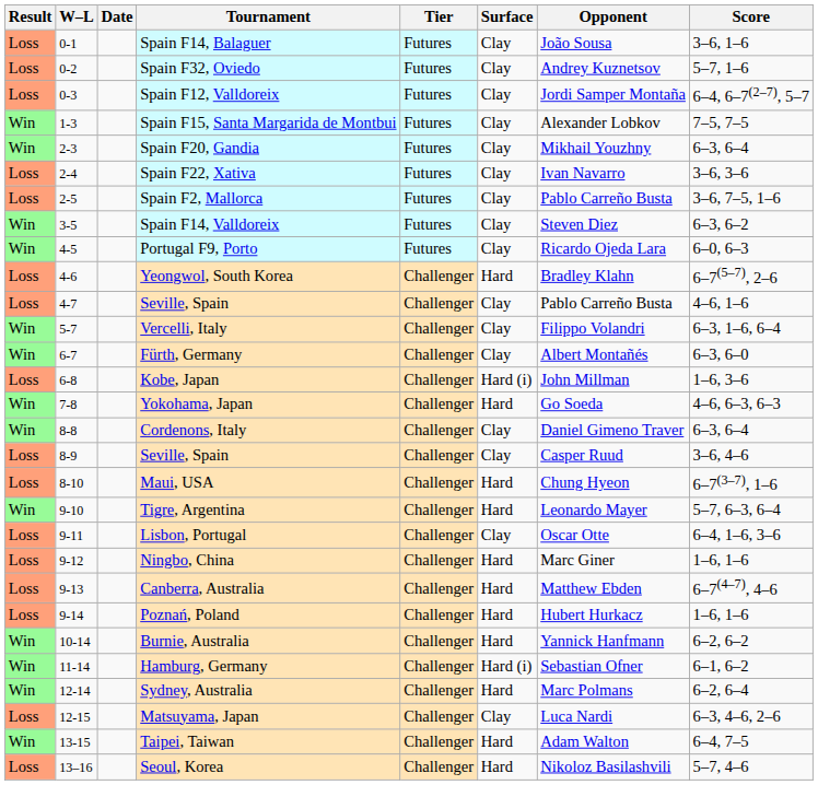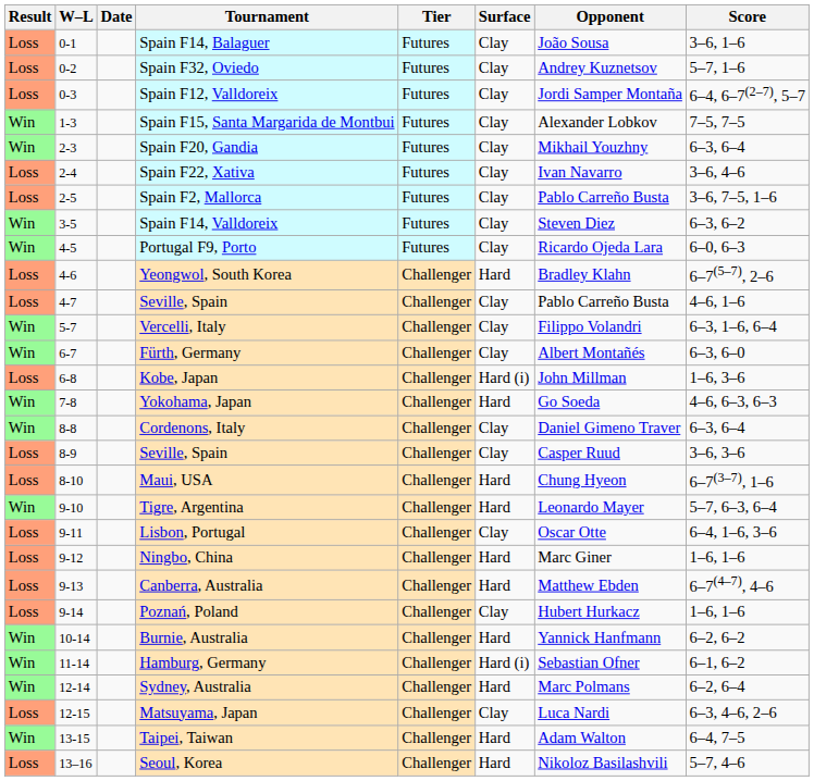 <table class="sortable wikitable">
 <tr>
 <th>Result</th>
 <th class="unsortable">W–L</th>
 <th>Date</th>
 <th>Tournament</th>
 <th>Tier</th>
 <th>Surface</th>
 <th>Opponent</th>
 <th class="unsortable">Score</th>
 </tr>
 <tr>
 <td bgcolor=FFA07A>Loss</td>
 <td><small>0-1</small></td>
 <td></td>
 <td style="background:#cffcff;">Spain F14, <a href='#'>Balaguer</a></td>
 <td style="background:#cffcff;">Futures</td>
 <td>Clay</td>
 <td> <a href='#'>João Sousa</a></td>
 <td>3–6, 1–6</td>
 </tr>
 <tr>
 <td bgcolor=FFA07A>Loss</td>
 <td><small>0-2</small></td>
 <td></td>
 <td style="background:#cffcff;">Spain F32, <a href='#'>Oviedo</a></td>
 <td style="background:#cffcff;">Futures</td>
 <td>Clay</td>
 <td> <a href='#'>Andrey Kuznetsov</a></td>
 <td>5–7, 1–6</td>
 </tr>
 <tr>
 <td bgcolor=FFA07A>Loss</td>
 <td><small>0-3</small></td>
 <td></td>
 <td style="background:#cffcff;">Spain F12, <a href='#'>Valldoreix</a></td>
 <td style="background:#cffcff;">Futures</td>
 <td>Clay</td>
 <td> <a href='#'>Jordi Samper Montaña</a></td>
 <td>6–4, 6–7<sup>(2–7)</sup>, 5–7</td>
 </tr>
 <tr>
 <td bgcolor=98FB98>Win</td>
 <td><small>1-3</small></td>
 <td></td>
 <td style="background:#cffcff;">Spain F15, <a href='#'>Santa Margarida de Montbui</a></td>
 <td style="background:#cffcff;">Futures</td>
 <td>Clay</td>
 <td> Alexander Lobkov</td>
 <td>7–5, 7–5</td>
 </tr>
 <tr>
 <td bgcolor=98FB98>Win</td>
 <td><small>2-3</small></td>
 <td></td>
 <td style="background:#cffcff;">Spain F20, <a href='#'>Gandia</a></td>
 <td style="background:#cffcff;">Futures</td>
 <td>Clay</td>
 <td> <a href='#'>Mikhail Youzhny</a></td>
 <td>6–3, 6–4</td>
 </tr>
 <tr>
 <td bgcolor=FFA07A>Loss</td>
 <td><small>2-4</small></td>
 <td></td>
 <td style="background:#cffcff;">Spain F22, <a href='#'>Xativa</a></td>
 <td style="background:#cffcff;">Futures</td>
 <td>Clay</td>
 <td> <a href='#'>Ivan Navarro</a></td>
-<td>3–6, 3–6</td>
+<td>3–6, 4–6</td>
 </tr>
 <tr>
 <td bgcolor=FFA07A>Loss</td>
 <td><small>2-5</small></td>
 <td></td>
 <td style="background:#cffcff;">Spain F2, <a href='#'>Mallorca</a></td>
 <td style="background:#cffcff;">Futures</td>
 <td>Clay</td>
 <td> <a href='#'>Pablo Carreño Busta</a></td>
 <td>3–6, 7–5, 1–6</td>
 </tr>
 <tr>
 <td bgcolor=98FB98>Win</td>
 <td><small>3-5</small></td>
 <td></td>
 <td style="background:#cffcff;">Spain F14, <a href='#'>Valldoreix</a></td>
 <td style="background:#cffcff;">Futures</td>
 <td>Clay</td>
 <td> <a href='#'>Steven Diez</a></td>
 <td>6–3, 6–2</td>
 </tr>
 <tr>
 <td bgcolor=98FB98>Win</td>
 <td><small>4-5</small></td>
 <td></td>
 <td style="background:#cffcff;">Portugal F9, <a href='#'>Porto</a></td>
 <td style="background:#cffcff;">Futures</td>
 <td>Clay</td>
 <td> <a href='#'>Ricardo Ojeda Lara</a></td>
 <td>6–0, 6–3</td>
 </tr>
 <tr>
 <td bgcolor=FFA07A>Loss</td>
 <td><small>4-6</small></td>
 <td><a href='#'></a></td>
 <td style="background:moccasin;"><a href='#'>Yeongwol</a>, South Korea</td>
 <td style="background:moccasin;">Challenger</td>
 <td>Hard</td>
 <td> <a href='#'>Bradley Klahn</a></td>
 <td>6–7<sup>(5–7)</sup>, 2–6</td>
 </tr>
 <tr>
 <td bgcolor=FFA07A>Loss</td>
 <td><small>4-7</small></td>
 <td><a href='#'></a></td>
 <td style="background:moccasin;"><a href='#'>Seville</a>, Spain</td>
 <td style="background:moccasin;">Challenger</td>
 <td>Clay</td>
 <td> Pablo Carreño Busta</td>
 <td>4–6, 1–6</td>
 </tr>
 <tr>
 <td bgcolor=98FB98>Win</td>
 <td><small>5-7</small></td>
 <td><a href='#'></a></td>
 <td style="background:moccasin;"><a href='#'>Vercelli</a>, Italy</td>
 <td style="background:moccasin;">Challenger</td>
 <td>Clay</td>
 <td> <a href='#'>Filippo Volandri</a></td>
 <td>6–3, 1–6, 6–4</td>
 </tr>
 <tr>
 <td bgcolor=98FB98>Win</td>
 <td><small>6-7</small></td>
 <td><a href='#'></a></td>
 <td style="background:moccasin;"><a href='#'>Fürth</a>, Germany</td>
 <td style="background:moccasin;">Challenger</td>
 <td>Clay</td>
 <td> <a href='#'>Albert Montañés</a></td>
 <td>6–3, 6–0</td>
 </tr>
 <tr>
 <td bgcolor=FFA07A>Loss</td>
 <td><small>6-8</small></td>
 <td><a href='#'></a></td>
 <td style="background:moccasin;"><a href='#'>Kobe</a>, Japan</td>
 <td style="background:moccasin;">Challenger</td>
 <td>Hard (i)</td>
 <td> <a href='#'>John Millman</a></td>
 <td>1–6, 3–6</td>
 </tr>
 <tr>
 <td bgcolor=98FB98>Win</td>
 <td><small>7-8</small></td>
 <td><a href='#'></a></td>
 <td style="background:moccasin;"><a href='#'>Yokohama</a>, Japan</td>
 <td style="background:moccasin;">Challenger</td>
 <td>Hard</td>
 <td> <a href='#'>Go Soeda</a></td>
 <td>4–6, 6–3, 6–3</td>
 </tr>
 <tr>
 <td bgcolor=98FB98>Win</td>
 <td><small>8-8</small></td>
 <td><a href='#'></a></td>
 <td style="background:moccasin;"><a href='#'>Cordenons</a>, Italy</td>
 <td style="background:moccasin;">Challenger</td>
 <td>Clay</td>
 <td> <a href='#'>Daniel Gimeno Traver</a></td>
 <td>6–3, 6–4</td>
 </tr>
 <tr>
 <td bgcolor=FFA07A>Loss</td>
 <td><small>8-9</small></td>
 <td><a href='#'></a></td>
 <td style="background:moccasin;"><a href='#'>Seville</a>, Spain</td>
 <td style="background:moccasin;">Challenger</td>
 <td>Clay</td>
 <td> <a href='#'>Casper Ruud</a></td>
-<td>3–6, 4–6</td>
+<td>3–6, 3–6</td>
 </tr>
 <tr>
 <td bgcolor=FFA07A>Loss</td>
 <td><small>8-10</small></td>
 <td><a href='#'></a></td>
 <td style="background:moccasin;"><a href='#'>Maui</a>, USA</td>
 <td style="background:moccasin;">Challenger</td>
 <td>Hard</td>
 <td> <a href='#'>Chung Hyeon</a></td>
 <td>6–7<sup>(3–7)</sup>, 1–6</td>
 </tr>
 <tr>
 <td bgcolor=98FB98>Win</td>
 <td><small>9-10</small></td>
 <td><a href='#'></a></td>
 <td style="background:moccasin;"><a href='#'>Tigre</a>, Argentina</td>
 <td style="background:moccasin;">Challenger</td>
 <td>Hard</td>
 <td> <a href='#'>Leonardo Mayer</a></td>
 <td>5–7, 6–3, 6–4</td>
 </tr>
 <tr>
 <td bgcolor=FFA07A>Loss</td>
 <td><small>9-11</small></td>
 <td><a href='#'></a></td>
 <td style="background:moccasin;"><a href='#'>Lisbon</a>, Portugal</td>
 <td style="background:moccasin;">Challenger</td>
 <td>Clay</td>
 <td> <a href='#'>Oscar Otte</a></td>
 <td>6–4, 1–6, 3–6</td>
 </tr>
 <tr>
 <td bgcolor=FFA07A>Loss</td>
 <td><small>9-12</small></td>
 <td><a href='#'></a></td>
 <td style="background:moccasin;"><a href='#'>Ningbo</a>, China</td>
 <td style="background:moccasin;">Challenger</td>
 <td>Hard</td>
 <td> Marc Giner</td>
 <td>1–6, 1–6</td>
 </tr>
 <tr>
 <td bgcolor=FFA07A>Loss</td>
 <td><small>9-13</small></td>
 <td><a href='#'></a></td>
 <td style="background:moccasin;"><a href='#'>Canberra</a>, Australia</td>
 <td style="background:moccasin;">Challenger</td>
 <td>Hard</td>
 <td> <a href='#'>Matthew Ebden</a></td>
 <td>6–7<sup>(4–7)</sup>, 4–6</td>
 </tr>
 <tr>
 <td bgcolor=FFA07A>Loss</td>
 <td><small>9-14</small></td>
 <td><a href='#'></a></td>
 <td style="background:moccasin;"><a href='#'>Poznań</a>, Poland</td>
 <td style="background:moccasin;">Challenger</td>
-<td>Hard</td>
+<td>Clay</td>
 <td> <a href='#'>Hubert Hurkacz</a></td>
 <td>1–6, 1–6</td>
 </tr>
 <tr>
 <td bgcolor=98FB98>Win</td>
 <td><small>10-14</small></td>
 <td><a href='#'></a></td>
 <td style="background:moccasin;"><a href='#'>Burnie</a>, Australia</td>
 <td style="background:moccasin;">Challenger</td>
 <td>Hard</td>
 <td> <a href='#'>Yannick Hanfmann</a></td>
 <td>6–2, 6–2</td>
 </tr>
 <tr>
 <td bgcolor=98FB98>Win</td>
 <td><small>11-14</small></td>
 <td><a href='#'></a></td>
 <td style="background:moccasin;"><a href='#'>Hamburg</a>, Germany</td>
 <td style="background:moccasin;">Challenger</td>
 <td>Hard (i)</td>
 <td> <a href='#'>Sebastian Ofner</a></td>
 <td>6–1, 6–2</td>
 </tr>
 <tr>
 <td bgcolor=98FB98>Win</td>
 <td><small>12-14</small></td>
 <td><a href='#'></a></td>
 <td style="background:moccasin;"><a href='#'>Sydney</a>, Australia</td>
 <td style="background:moccasin;">Challenger</td>
 <td>Hard</td>
 <td> <a href='#'>Marc Polmans</a></td>
 <td>6–2, 6–4</td>
 </tr>
 <tr>
 <td bgcolor=FFA07A>Loss</td>
 <td><small>12-15</small></td>
 <td><a href='#'></a></td>
 <td style="background:moccasin;"><a href='#'>Matsuyama</a>, Japan</td>
 <td style="background:moccasin;">Challenger</td>
 <td>Clay</td>
 <td> <a href='#'>Luca Nardi</a></td>
 <td>6–3, 4–6, 2–6</td>
 </tr>
 <tr>
 <td bgcolor=98FB98>Win</td>
 <td><small>13-15</small></td>
 <td><a href='#'></a></td>
 <td style="background:moccasin;"><a href='#'>Taipei</a>, Taiwan</td>
 <td style="background:moccasin;">Challenger</td>
 <td>Hard</td>
 <td> <a href='#'>Adam Walton</a></td>
 <td>6–4, 7–5</td>
 </tr>
 <tr>
 <td bgcolor= FFA07A>Loss</td>
 <td><small>13–16</small></td>
 <td><a href='#'> </a></td>
 <td style="background:moccasin"><a href='#'>Seoul</a>, Korea</td>
 <td style="background:moccasin;">Challenger</td>
 <td>Hard</td>
 <td> <a href='#'>Nikoloz Basilashvili</a></td>
 <td>5–7, 4–6</td>
 </tr>
 </table>
